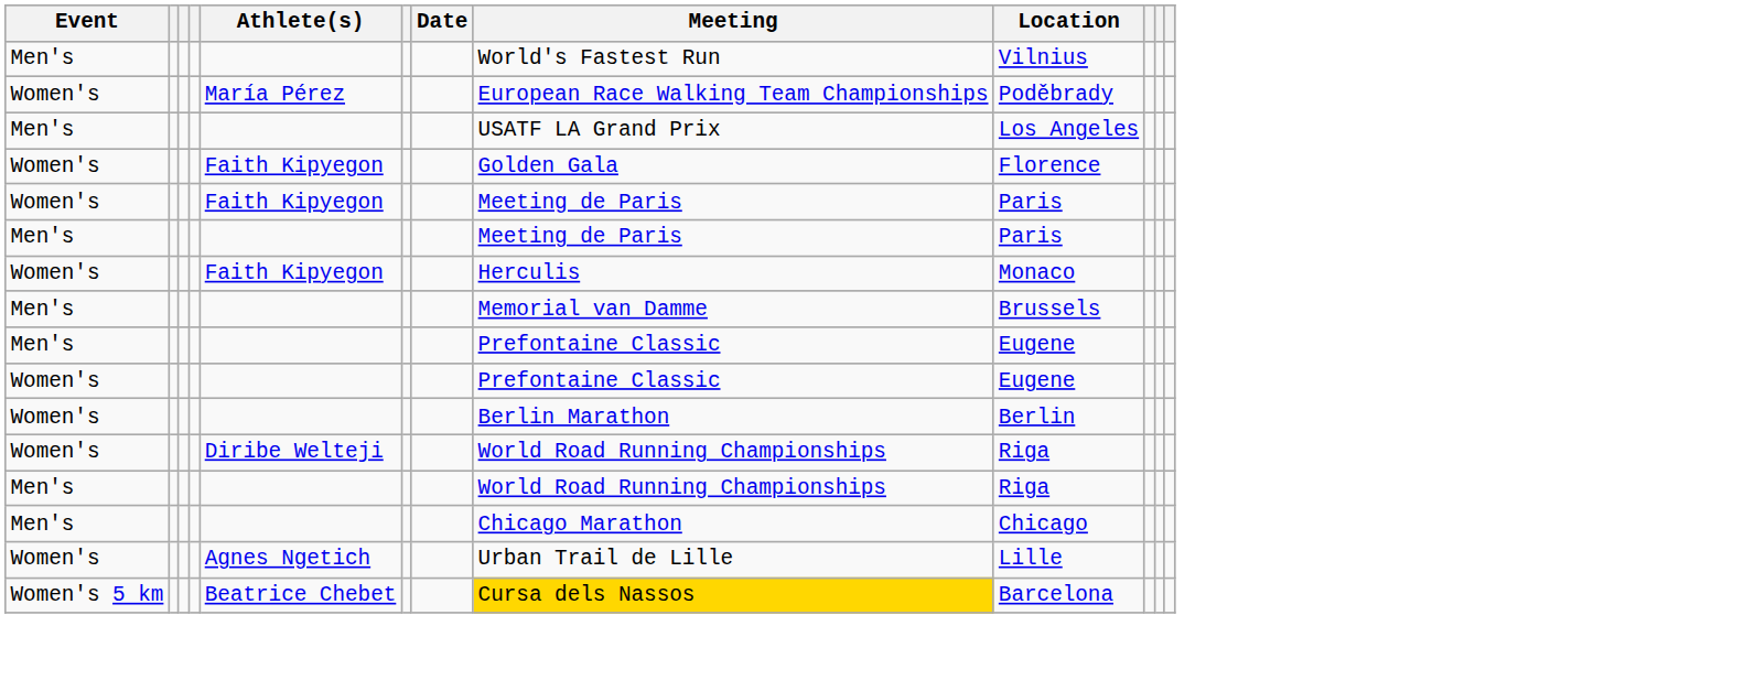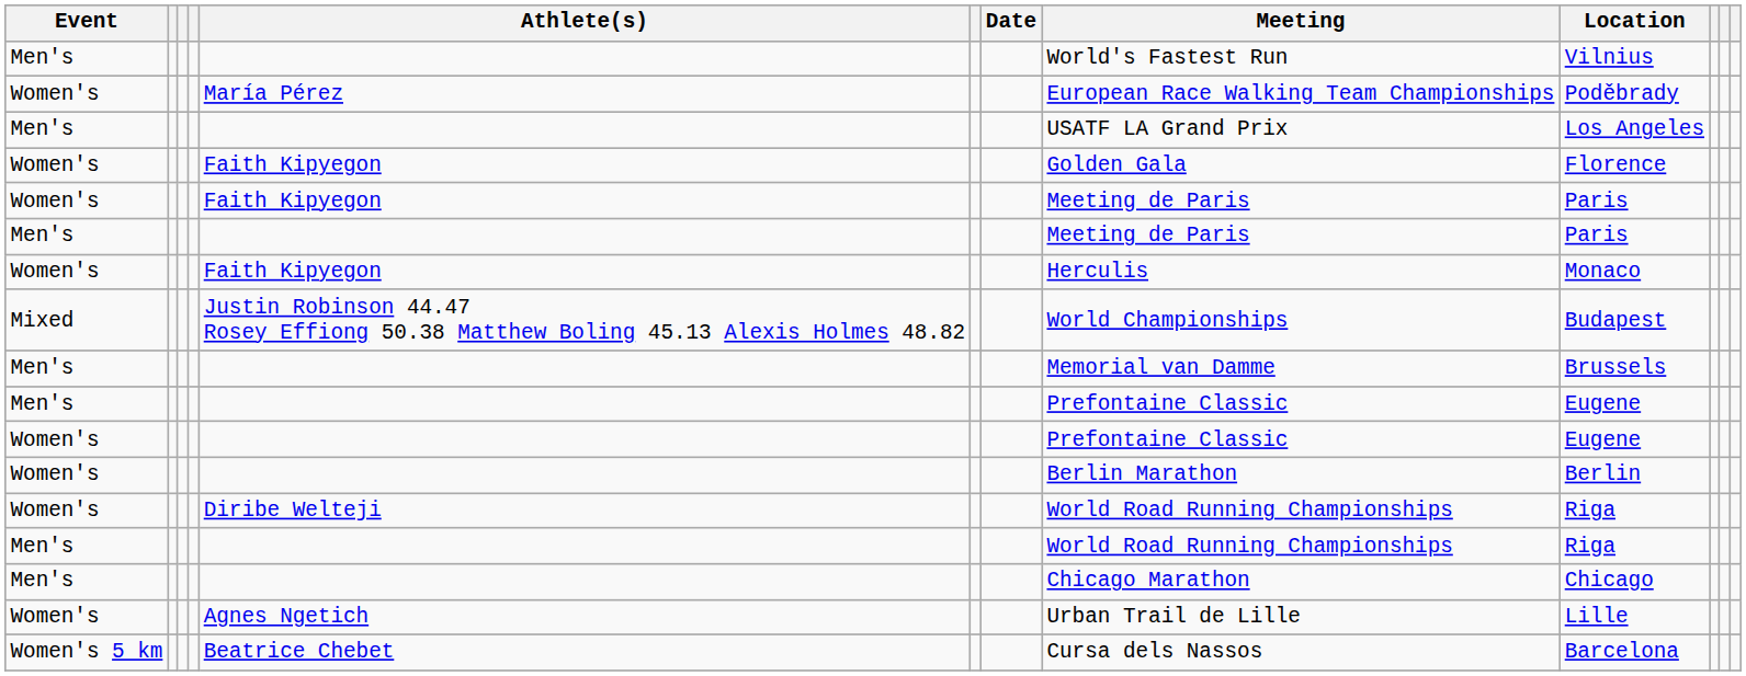 <table class="wikitable sortable plainrowheaders" style="font-size:90%;">
 <tr>
 <th>Event</th>
 <th data-sort-value="1Secs07269.00"></th>
 <th></th>
 <th></th>
 <th>Athlete(s)</th>
 <th></th>
 <th>Date</th>
 <th>Meeting</th>
 <th>Location</th>
 <th></th>
 <th></th>
 <th></th>
 </tr>
 <tr>
 <td>Men's </td>
 <td data-sort-value="1Secs09813.00"></td>
 <td></td>
 <td></td>
 <td></td>
 <td></td>
 <td></td>
 <td>World's Fastest Run</td>
 <td><a href='#'>Vilnius</a></td>
 <td></td>
 <td></td>
 <td></td>
 </tr>
 <tr>
 <td>Women's</td>
 <td data-sort-value="2Mtrs000006.21"></td>
 <td></td>
 <td></td>
 <td><a href='#'>María Pérez</a></td>
 <td></td>
 <td></td>
 <td><a href='#'>European Race Walking Team Championships</a></td>
 <td><a href='#'>Poděbrady</a></td>
 <td></td>
 <td></td>
 <td></td>
 </tr>
 <tr>
 <td>Men's </td>
 <td data-sort-value="1Secs00012.12"></td>
 <td></td>
 <td></td>
 <td></td>
 <td></td>
 <td></td>
 <td>USATF LA Grand Prix</td>
 <td><a href='#'>Los Angeles</a></td>
 <td></td>
 <td></td>
 <td></td>
 </tr>
 <tr>
 <td>Women's </td>
 <td data-sort-value="1Secs00051.41"></td>
 <td></td>
 <td></td>
 <td><a href='#'>Faith Kipyegon</a></td>
 <td></td>
 <td></td>
 <td><a href='#'>Golden Gala</a></td>
 <td><a href='#'>Florence</a></td>
 <td></td>
 <td></td>
 <td></td>
 </tr>
 <tr>
 <td>Women's </td>
 <td data-sort-value="1Secs00050.68"></td>
 <td></td>
 <td></td>
 <td><a href='#'>Faith Kipyegon</a></td>
 <td></td>
 <td></td>
 <td><a href='#'>Meeting de Paris</a></td>
 <td><a href='#'>Paris</a></td>
 <td></td>
 <td></td>
 <td></td>
 </tr>
 <tr>
 <td>Men's </td>
 <td></td>
 <td></td>
 <td></td>
 <td></td>
 <td></td>
 <td></td>
 <td><a href='#'>Meeting de Paris</a></td>
 <td><a href='#'>Paris</a></td>
 <td></td>
 <td></td>
 <td></td>
 </tr>
 <tr>
 <td>Women's </td>
 <td></td>
 <td></td>
 <td></td>
 <td><a href='#'>Faith Kipyegon</a></td>
 <td></td>
 <td></td>
 <td><a href='#'>Herculis</a></td>
 <td><a href='#'>Monaco</a></td>
+<td></td>
+<td></td>
+<td></td>
+</tr>
+<tr>
+<td>Mixed </td>
+<td></td>
+<td></td>
+<td></td>
+<td><a href='#'>Justin Robinson</a> 44.47<br><a href='#'>Rosey Effiong</a> 50.38 <a href='#'>Matthew Boling</a> 45.13 <a href='#'>Alexis Holmes</a> 48.82</td>
+<td></td>
+<td></td>
+<td><a href='#'>World Championships</a></td>
+<td><a href='#'>Budapest</a></td>
 <td></td>
 <td></td>
 <td></td>
 </tr>
 <tr>
 <td>Men's </td>
 <td></td>
 <td></td>
 <td></td>
 <td></td>
 <td></td>
 <td></td>
 <td><a href='#'>Memorial van Damme</a></td>
 <td><a href='#'>Brussels</a></td>
 <td></td>
 <td></td>
 <td></td>
 </tr>
 <tr>
 <td>Men's </td>
 <td></td>
 <td></td>
 <td></td>
 <td></td>
 <td></td>
 <td></td>
 <td><a href='#'>Prefontaine Classic</a></td>
 <td><a href='#'>Eugene</a></td>
 <td></td>
 <td></td>
 <td></td>
 </tr>
 <tr>
 <td>Women's </td>
 <td></td>
 <td></td>
 <td></td>
 <td></td>
 <td></td>
 <td></td>
 <td><a href='#'>Prefontaine Classic</a></td>
 <td><a href='#'>Eugene</a></td>
 <td></td>
 <td></td>
 <td></td>
 </tr>
 <tr>
 <td>Women's<br></td>
 <td></td>
 <td></td>
 <td></td>
 <td></td>
 <td></td>
 <td></td>
 <td><a href='#'>Berlin Marathon</a></td>
 <td><a href='#'>Berlin</a></td>
 <td></td>
 <td></td>
 <td></td>
 </tr>
 <tr>
 <td>Women's </td>
 <td></td>
 <td></td>
 <td></td>
 <td><a href='#'>Diribe Welteji</a></td>
 <td></td>
 <td></td>
 <td><a href='#'>World Road Running Championships</a></td>
 <td><a href='#'>Riga</a></td>
 <td></td>
 <td></td>
 <td></td>
 </tr>
 <tr>
 <td>Men's </td>
 <td></td>
 <td></td>
 <td></td>
 <td></td>
 <td></td>
 <td></td>
 <td><a href='#'>World Road Running Championships</a></td>
 <td><a href='#'>Riga</a></td>
 <td></td>
 <td></td>
 <td></td>
 </tr>
 <tr>
 <td>Men's </td>
 <td></td>
 <td></td>
 <td></td>
 <td></td>
 <td></td>
 <td></td>
 <td><a href='#'>Chicago Marathon</a></td>
 <td><a href='#'>Chicago</a></td>
 <td></td>
 <td></td>
 <td></td>
 </tr>
 <tr>
 <td>Women's </td>
 <td></td>
 <td></td>
 <td></td>
 <td><a href='#'>Agnes Ngetich</a></td>
 <td></td>
 <td></td>
 <td>Urban Trail de Lille</td>
 <td><a href='#'>Lille</a></td>
 <td></td>
 <td></td>
 <td></td>
 </tr>
 <tr>
 <td>Women's <a href='#'>5 km</a> </td>
 <td></td>
 <td></td>
 <td></td>
 <td><a href='#'>Beatrice Chebet</a></td>
 <td></td>
 <td></td>
-<td style="background: gold;">Cursa dels Nassos</td>
+<td>Cursa dels Nassos</td>
 <td><a href='#'>Barcelona</a></td>
 <td></td>
 <td></td>
 </tr>
 </table>
